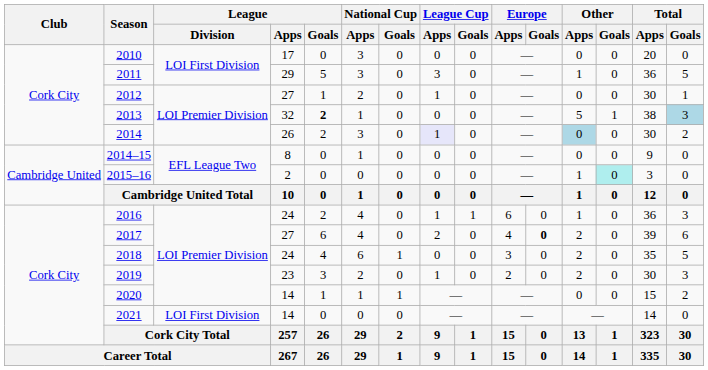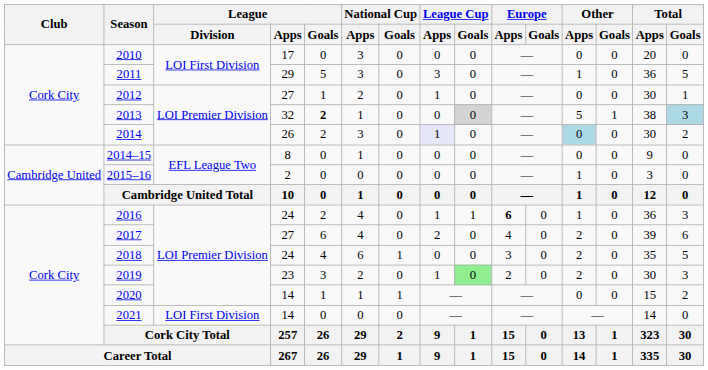 <table class="wikitable" style="text-align:center">
 <tr>
 <th rowspan="2">Club</th>
 <th rowspan="2">Season</th>
 <th colspan="3">League</th>
 <th colspan="2">National Cup</th>
 <th colspan="2"><a href='#'>League Cup</a></th>
 <th colspan="2"><a href='#'>Europe</a></th>
 <th colspan="2">Other</th>
 <th colspan="2">Total</th>
 </tr>
 <tr>
 <th>Division</th>
 <th>Apps</th>
 <th>Goals</th>
 <th>Apps</th>
 <th>Goals</th>
 <th>Apps</th>
 <th>Goals</th>
 <th>Apps</th>
 <th>Goals</th>
 <th>Apps</th>
 <th>Goals</th>
 <th>Apps</th>
 <th>Goals</th>
 </tr>
 <tr>
 <td rowspan="5"><a href='#'>Cork City</a></td>
 <td><a href='#'>2010</a></td>
 <td rowspan="2"><a href='#'>LOI First Division</a></td>
 <td>17</td>
 <td>0</td>
 <td>3</td>
 <td>0</td>
 <td>0</td>
 <td>0</td>
 <td colspan="2">—</td>
 <td>0</td>
 <td>0</td>
 <td>20</td>
 <td>0</td>
 </tr>
 <tr>
 <td><a href='#'>2011</a></td>
 <td>29</td>
 <td>5</td>
 <td>3</td>
 <td>0</td>
 <td>3</td>
 <td>0</td>
 <td colspan="2">—</td>
 <td>1</td>
 <td>0</td>
 <td>36</td>
 <td>5</td>
 </tr>
 <tr>
 <td><a href='#'>2012</a></td>
 <td rowspan="3"><a href='#'>LOI Premier Division</a></td>
 <td>27</td>
 <td>1</td>
 <td>2</td>
 <td>0</td>
 <td>1</td>
 <td>0</td>
 <td colspan="2">—</td>
 <td>0</td>
 <td>0</td>
 <td>30</td>
 <td>1</td>
 </tr>
 <tr>
 <td><a href='#'>2013</a></td>
 <td>32</td>
 <td><strong>2</strong></td>
 <td>1</td>
 <td>0</td>
 <td>0</td>
-<td>0</td>
+<td style="background: lightgrey;">0</td>
 <td colspan="2">—</td>
 <td>5</td>
 <td>1</td>
 <td>38</td>
 <td style="background: lightblue;">3</td>
 </tr>
 <tr>
 <td><a href='#'>2014</a></td>
 <td>26</td>
 <td>2</td>
 <td>3</td>
 <td>0</td>
 <td style="background: lavender;">1</td>
 <td>0</td>
 <td colspan="2">—</td>
 <td style="background: lightblue;">0</td>
 <td>0</td>
 <td>30</td>
 <td>2</td>
 </tr>
 <tr>
 <td rowspan="3"><a href='#'>Cambridge United</a></td>
 <td><a href='#'>2014–15</a></td>
 <td rowspan="2"><a href='#'>EFL League Two</a></td>
 <td>8</td>
 <td>0</td>
 <td>1</td>
 <td>0</td>
 <td>0</td>
 <td>0</td>
 <td colspan="2">—</td>
 <td>0</td>
 <td>0</td>
 <td>9</td>
 <td>0</td>
 </tr>
 <tr>
 <td><a href='#'>2015–16</a></td>
 <td>2</td>
 <td>0</td>
 <td>0</td>
 <td>0</td>
 <td>0</td>
 <td>0</td>
 <td colspan="2">—</td>
 <td>1</td>
-<td style="background: paleturquoise;">0</td>
+<td>0</td>
 <td>3</td>
 <td>0</td>
 </tr>
 <tr>
 <th colspan="2">Cambridge United Total</th>
 <th>10</th>
 <th>0</th>
 <th>1</th>
 <th>0</th>
 <th>0</th>
 <th>0</th>
 <th colspan="2">—</th>
 <th>1</th>
 <th>0</th>
 <th>12</th>
 <th>0</th>
 </tr>
 <tr>
 <td rowspan="7"><a href='#'>Cork City</a></td>
 <td><a href='#'>2016</a></td>
 <td rowspan="5"><a href='#'>LOI Premier Division</a></td>
 <td>24</td>
 <td>2</td>
 <td>4</td>
 <td>0</td>
 <td>1</td>
 <td>1</td>
-<td>6</td>
+<td><strong>6</strong></td>
 <td>0</td>
 <td>1</td>
 <td>0</td>
 <td>36</td>
 <td>3</td>
 </tr>
 <tr>
 <td><a href='#'>2017</a></td>
 <td>27</td>
 <td>6</td>
 <td>4</td>
 <td>0</td>
 <td>2</td>
 <td>0</td>
 <td>4</td>
-<td><strong>0</strong></td>
+<td>0</td>
 <td>2</td>
 <td>0</td>
 <td>39</td>
 <td>6</td>
 </tr>
 <tr>
 <td><a href='#'>2018</a></td>
 <td>24</td>
 <td>4</td>
 <td>6</td>
 <td>1</td>
 <td>0</td>
 <td>0</td>
 <td>3</td>
 <td>0</td>
 <td>2</td>
 <td>0</td>
 <td>35</td>
 <td>5</td>
 </tr>
 <tr>
 <td><a href='#'>2019</a></td>
 <td>23</td>
 <td>3</td>
 <td>2</td>
 <td>0</td>
 <td>1</td>
-<td>0</td>
+<td style="background: lightgreen;">0</td>
 <td>2</td>
 <td>0</td>
 <td>2</td>
 <td>0</td>
 <td>30</td>
 <td>3</td>
 </tr>
 <tr>
 <td><a href='#'>2020</a></td>
 <td>14</td>
 <td>1</td>
 <td>1</td>
 <td>1</td>
 <td colspan="2">—</td>
 <td colspan="2">—</td>
 <td>0</td>
 <td>0</td>
 <td>15</td>
 <td>2</td>
 </tr>
 <tr>
 <td><a href='#'>2021</a></td>
 <td><a href='#'>LOI First Division</a></td>
 <td>14</td>
 <td>0</td>
 <td>0</td>
 <td>0</td>
 <td colspan="2">—</td>
 <td colspan="2">—</td>
 <td colspan="2">—</td>
 <td>14</td>
 <td>0</td>
 </tr>
 <tr>
 <th colspan="2">Cork City Total</th>
 <th>257</th>
 <th>26</th>
 <th>29</th>
 <th>2</th>
 <th>9</th>
 <th>1</th>
 <th>15</th>
 <th>0</th>
 <th>13</th>
 <th>1</th>
 <th>323</th>
 <th>30</th>
 </tr>
 <tr>
 <th colspan="3">Career Total</th>
 <th>267</th>
 <th>26</th>
 <th>29</th>
 <th>1</th>
 <th>9</th>
 <th>1</th>
 <th>15</th>
 <th>0</th>
 <th>14</th>
 <th>1</th>
 <th>335</th>
 <th>30</th>
 </tr>
 </table>
